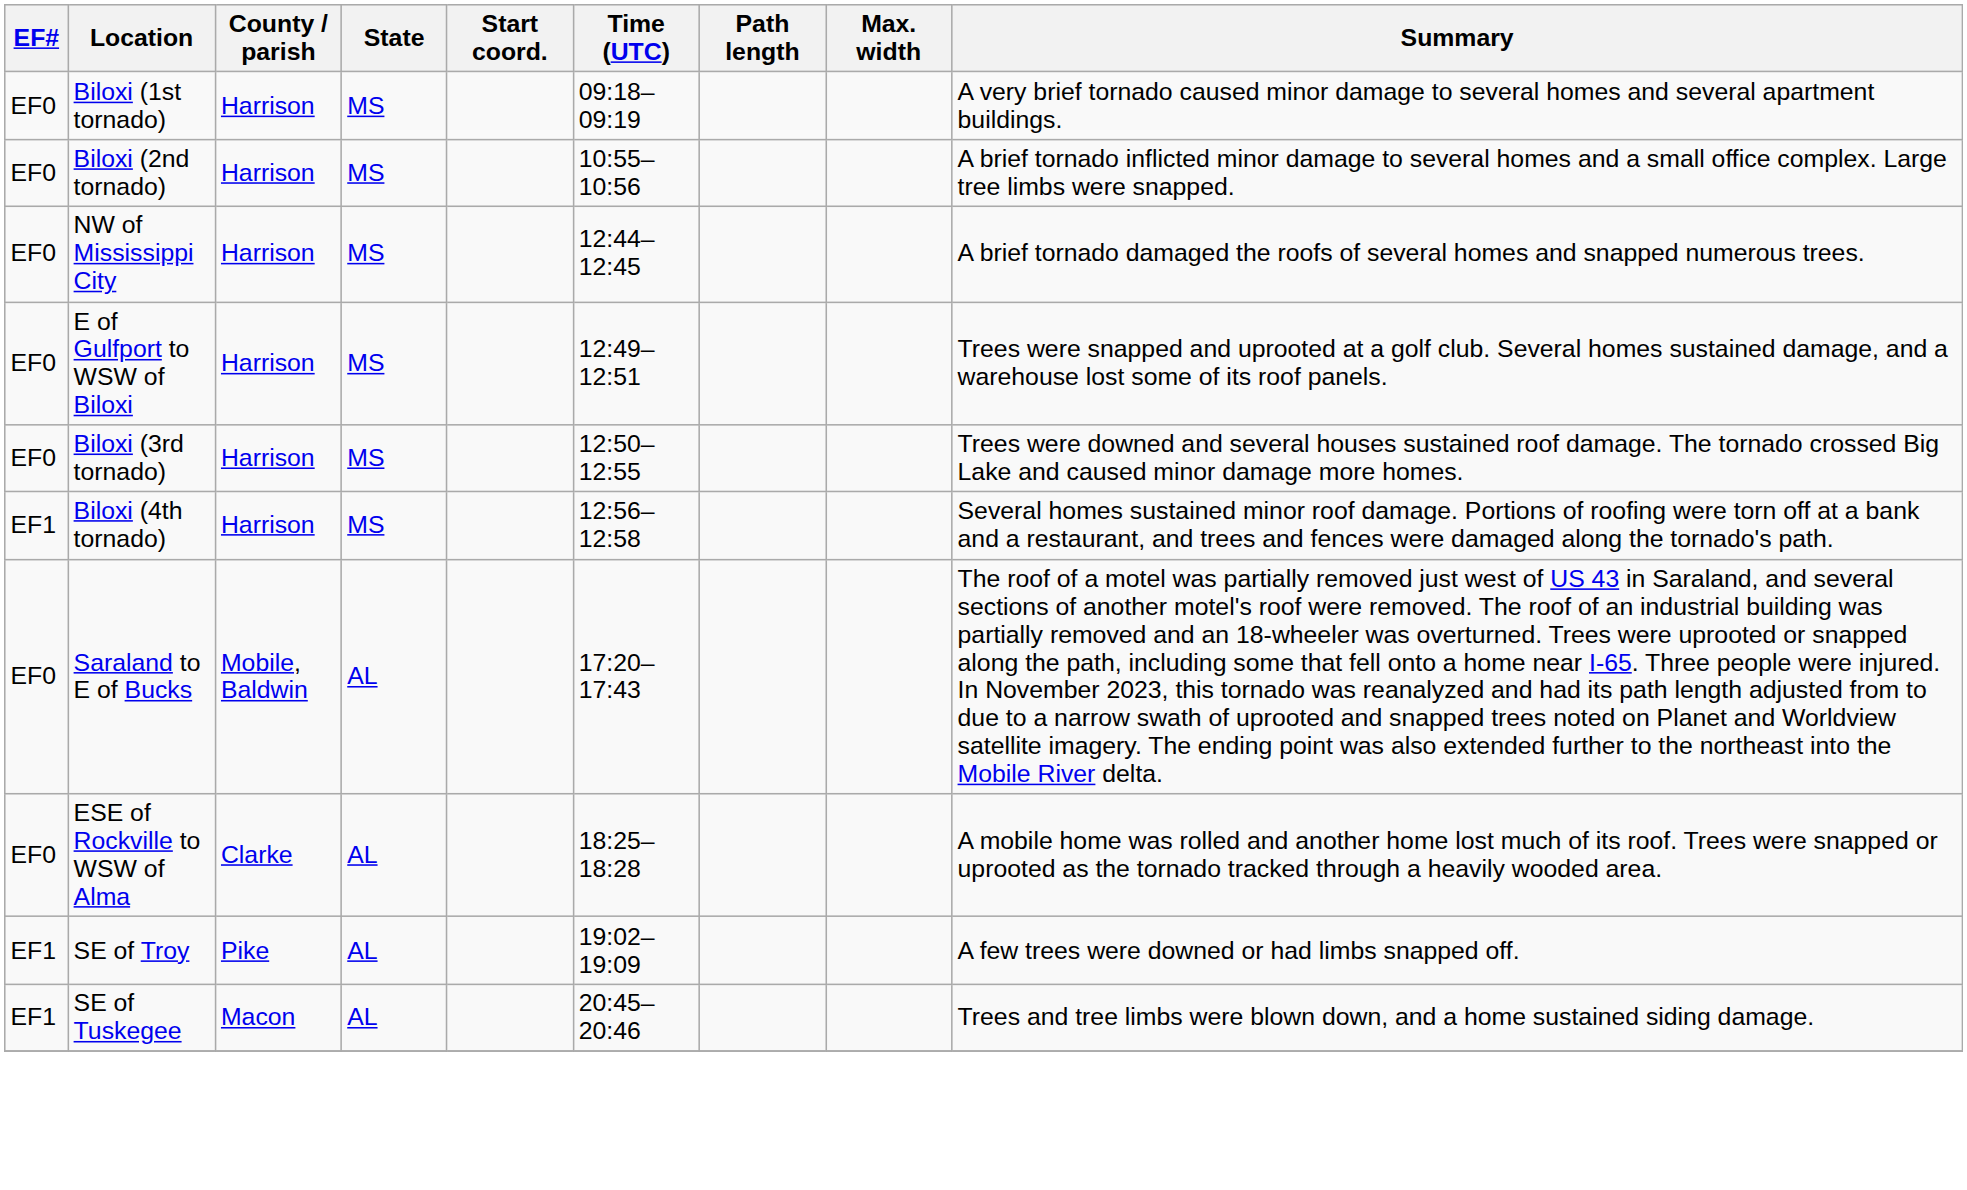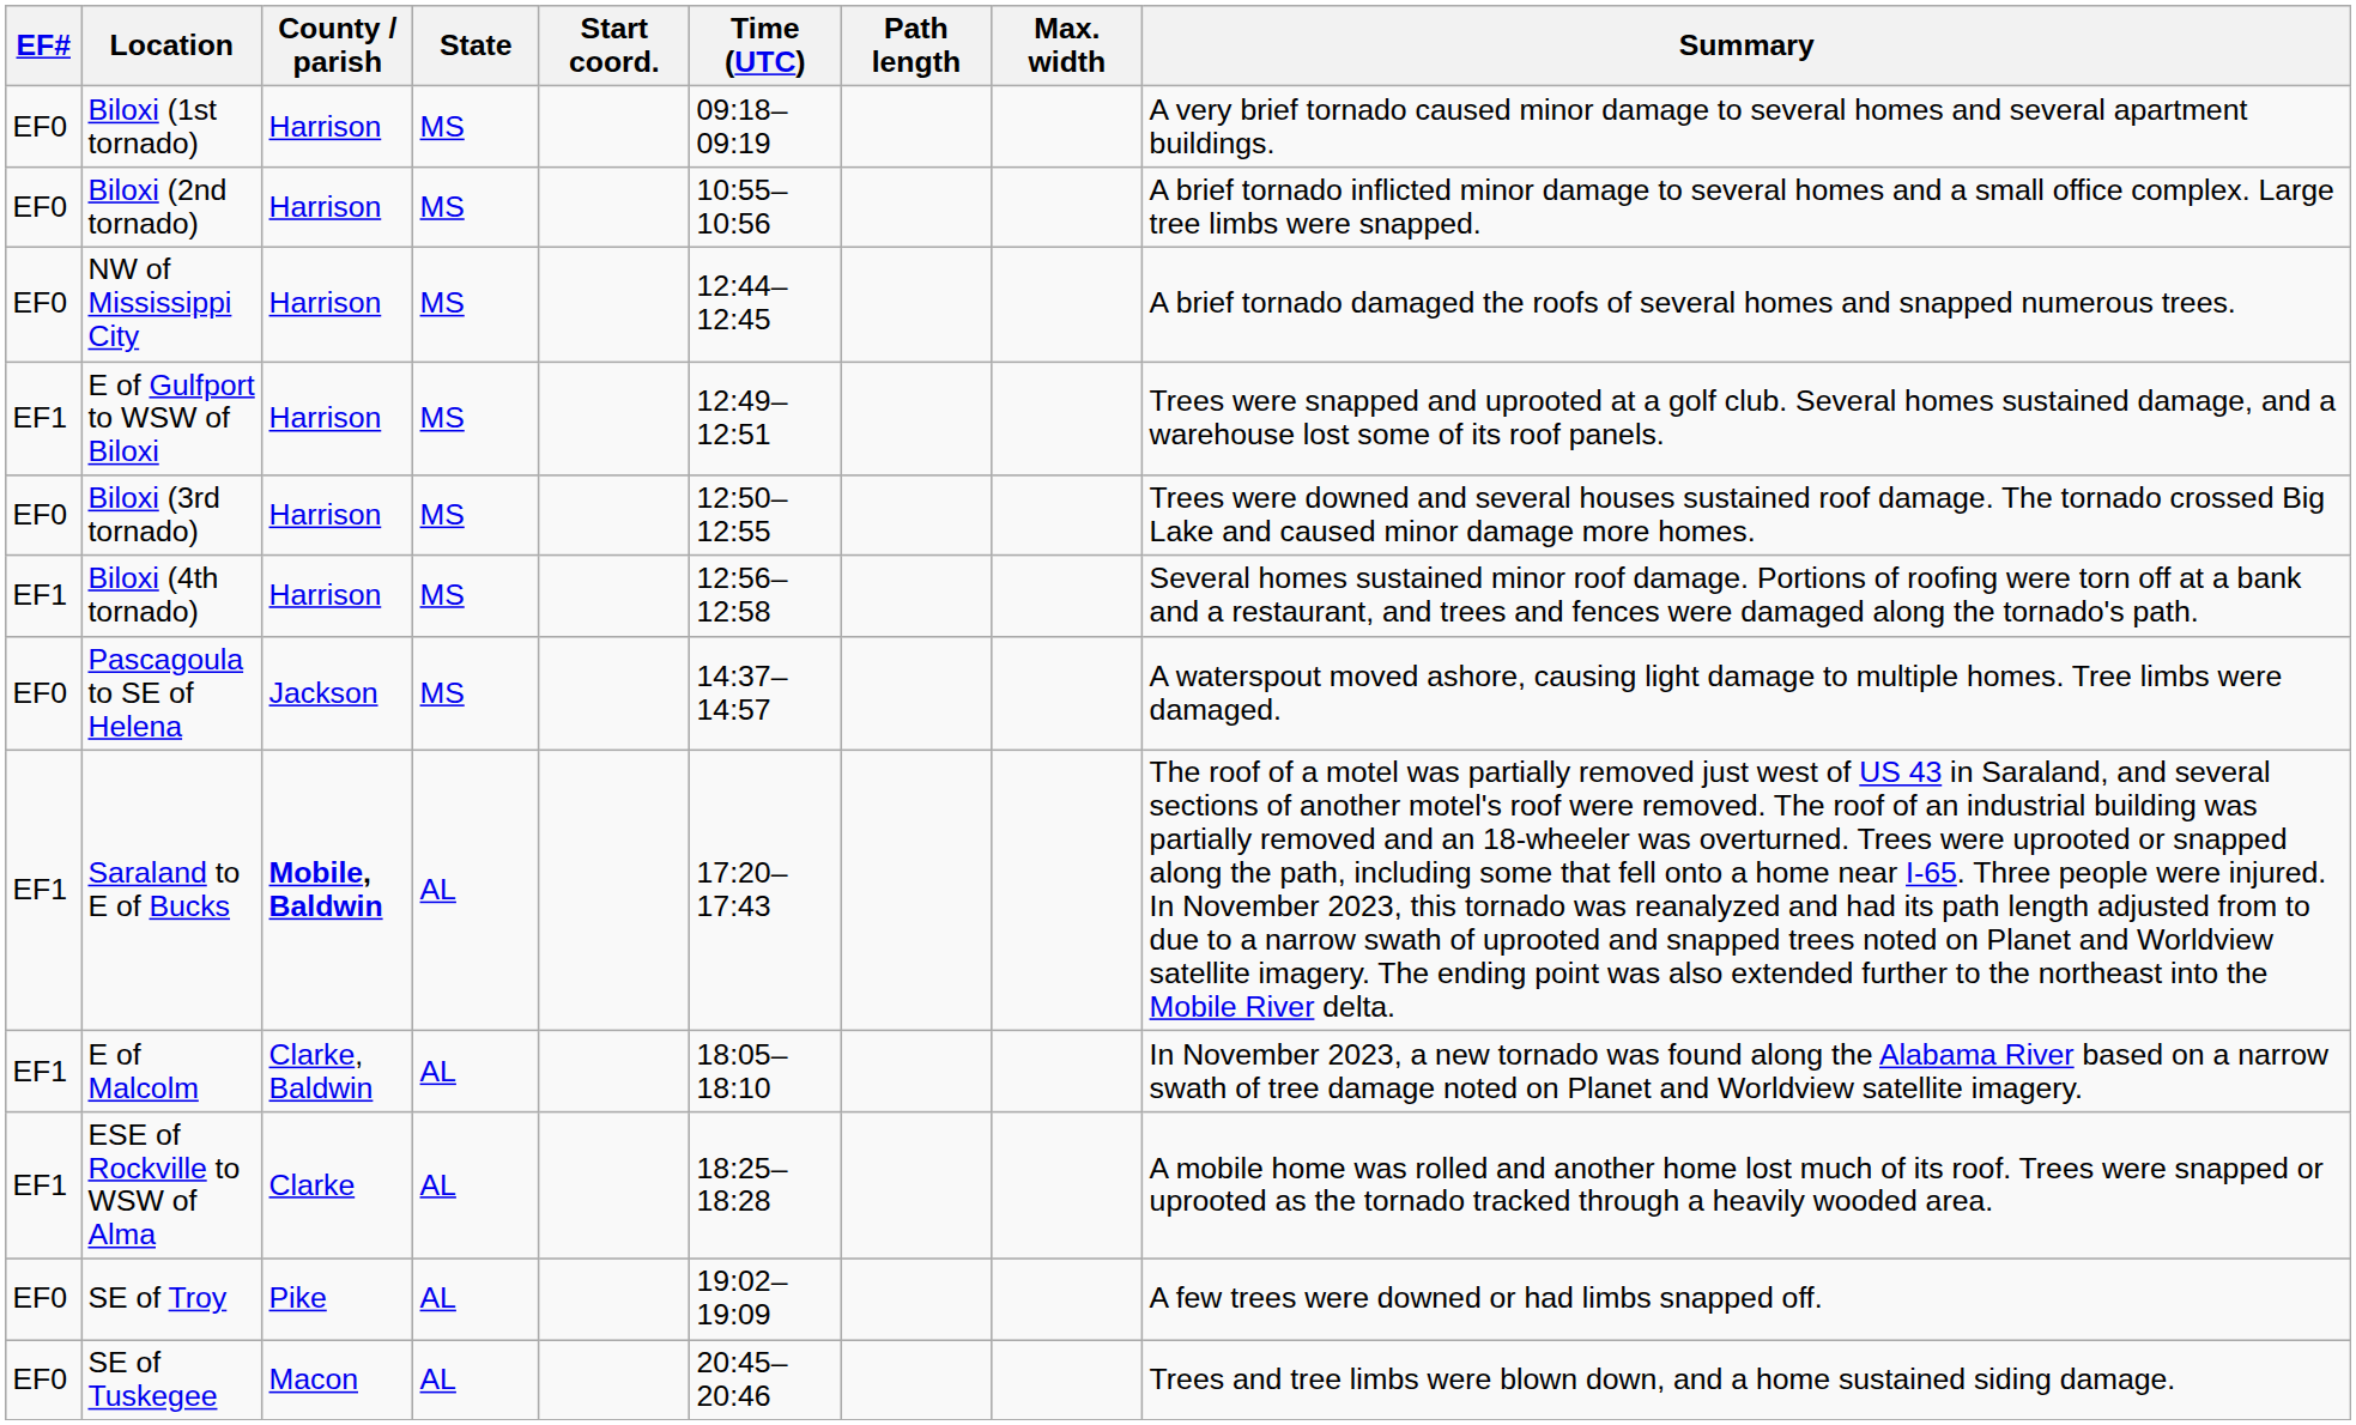 <table class="wikitable sortable" style="width:100%;">
 <tr>
 <th scope="col"  style="width:3%; text-align:center;"><a href='#'>EF#</a></th>
 <th scope="col"  style="width:7%; text-align:center;" class="unsortable">Location</th>
 <th scope="col"  style="width:6%; text-align:center;" class="unsortable">County / parish</th>
 <th scope="col"  style="width:5%; text-align:center;">State</th>
 <th scope="col"  style="width:6%; text-align:center;">Start coord.</th>
 <th scope="col"  style="width:6%; text-align:center;">Time (<a href='#'>UTC</a>)</th>
 <th scope="col"  style="width:6%; text-align:center;">Path length</th>
 <th scope="col"  style="width:6%; text-align:center;">Max. width</th>
 <th scope="col" class="unsortable" style="width:48%; text-align:center;">Summary</th>
 </tr>
 <tr>
 <td>EF0</td>
 <td><a href='#'>Biloxi</a> (1st tornado)</td>
 <td><a href='#'>Harrison</a></td>
 <td><a href='#'>MS</a></td>
 <td></td>
 <td>09:18–09:19</td>
 <td></td>
 <td></td>
 <td>A very brief tornado caused minor damage to several homes and several apartment buildings.</td>
 </tr>
 <tr>
 <td>EF0</td>
 <td><a href='#'>Biloxi</a> (2nd tornado)</td>
 <td><a href='#'>Harrison</a></td>
 <td><a href='#'>MS</a></td>
 <td></td>
 <td>10:55–10:56</td>
 <td></td>
 <td></td>
 <td>A brief tornado inflicted minor damage to several homes and a small office complex. Large tree limbs were snapped.</td>
 </tr>
 <tr>
 <td>EF0</td>
 <td>NW of <a href='#'>Mississippi City</a></td>
 <td><a href='#'>Harrison</a></td>
 <td><a href='#'>MS</a></td>
 <td></td>
 <td>12:44–12:45</td>
 <td></td>
 <td></td>
 <td>A brief tornado damaged the roofs of several homes and snapped numerous trees.</td>
 </tr>
 <tr>
-<td>EF0</td>
+<td>EF1</td>
 <td>E of <a href='#'>Gulfport</a> to WSW of <a href='#'>Biloxi</a></td>
 <td><a href='#'>Harrison</a></td>
 <td><a href='#'>MS</a></td>
 <td></td>
 <td>12:49–12:51</td>
 <td></td>
 <td></td>
 <td>Trees were snapped and uprooted at a golf club. Several homes sustained damage, and a warehouse lost some of its roof panels.</td>
 </tr>
 <tr>
 <td>EF0</td>
 <td><a href='#'>Biloxi</a> (3rd tornado)</td>
 <td><a href='#'>Harrison</a></td>
 <td><a href='#'>MS</a></td>
 <td></td>
 <td>12:50–12:55</td>
 <td></td>
 <td></td>
 <td>Trees were downed and several houses sustained roof damage. The tornado crossed Big Lake and caused minor damage more homes.</td>
 </tr>
 <tr>
 <td>EF1</td>
 <td><a href='#'>Biloxi</a> (4th tornado)</td>
 <td><a href='#'>Harrison</a></td>
 <td><a href='#'>MS</a></td>
 <td></td>
 <td>12:56–12:58</td>
 <td></td>
 <td></td>
 <td>Several homes sustained minor roof damage. Portions of roofing were torn off at a bank and a restaurant, and trees and fences were damaged along the tornado's path.</td>
 </tr>
 <tr>
 <td>EF0</td>
+<td><a href='#'>Pascagoula</a> to SE of <a href='#'>Helena</a></td>
+<td><a href='#'>Jackson</a></td>
+<td><a href='#'>MS</a></td>
+<td></td>
+<td>14:37–14:57</td>
+<td></td>
+<td></td>
+<td>A waterspout moved ashore, causing light damage to multiple homes. Tree limbs were damaged.</td>
+</tr>
+<tr>
+<td>EF1</td>
 <td><a href='#'>Saraland</a> to E of <a href='#'>Bucks</a></td>
-<td><a href='#'>Mobile</a>, <a href='#'>Baldwin</a></td>
+<td><strong><a href='#'>Mobile</a>, <a href='#'>Baldwin</a></strong></td>
 <td><a href='#'>AL</a></td>
 <td></td>
 <td>17:20–17:43</td>
 <td></td>
 <td></td>
 <td>The roof of a motel was partially removed just west of <a href='#'>US 43</a> in Saraland, and several sections of another motel's roof were removed. The roof of an industrial building was partially removed and an 18-wheeler was overturned. Trees were uprooted or snapped along the path, including some that fell onto a home near <a href='#'>I-65</a>. Three people were injured. In November 2023, this tornado was reanalyzed and had its path length adjusted from  to  due to a narrow swath of uprooted and snapped trees noted on Planet and Worldview satellite imagery. The ending point was also extended further to the northeast into the <a href='#'>Mobile River</a> delta.</td>
 </tr>
 <tr>
-<td>EF0</td>
+<td>EF1</td>
+<td>E of <a href='#'>Malcolm</a></td>
+<td><a href='#'>Clarke</a>, <a href='#'>Baldwin</a></td>
+<td><a href='#'>AL</a></td>
+<td></td>
+<td>18:05–18:10</td>
+<td></td>
+<td></td>
+<td>In November 2023, a new tornado was found along the <a href='#'>Alabama River</a> based on a narrow swath of tree damage noted on Planet and Worldview satellite imagery.</td>
+</tr>
+<tr>
+<td>EF1</td>
 <td>ESE of <a href='#'>Rockville</a> to WSW of <a href='#'>Alma</a></td>
 <td><a href='#'>Clarke</a></td>
 <td><a href='#'>AL</a></td>
 <td></td>
 <td>18:25–18:28</td>
 <td></td>
 <td></td>
 <td>A mobile home was rolled and another home lost much of its roof. Trees were snapped or uprooted as the tornado tracked through a heavily wooded area.</td>
 </tr>
 <tr>
-<td>EF1</td>
+<td>EF0</td>
 <td>SE of <a href='#'>Troy</a></td>
 <td><a href='#'>Pike</a></td>
 <td><a href='#'>AL</a></td>
 <td></td>
 <td>19:02–19:09</td>
 <td></td>
 <td></td>
 <td>A few trees were downed or had limbs snapped off.</td>
 </tr>
 <tr>
-<td>EF1</td>
+<td>EF0</td>
 <td>SE of <a href='#'>Tuskegee</a></td>
 <td><a href='#'>Macon</a></td>
 <td><a href='#'>AL</a></td>
 <td></td>
 <td>20:45–20:46</td>
 <td></td>
 <td></td>
 <td>Trees and tree limbs were blown down, and a home sustained siding damage.</td>
 </tr>
 <tr>
 </tr>
 </table>
